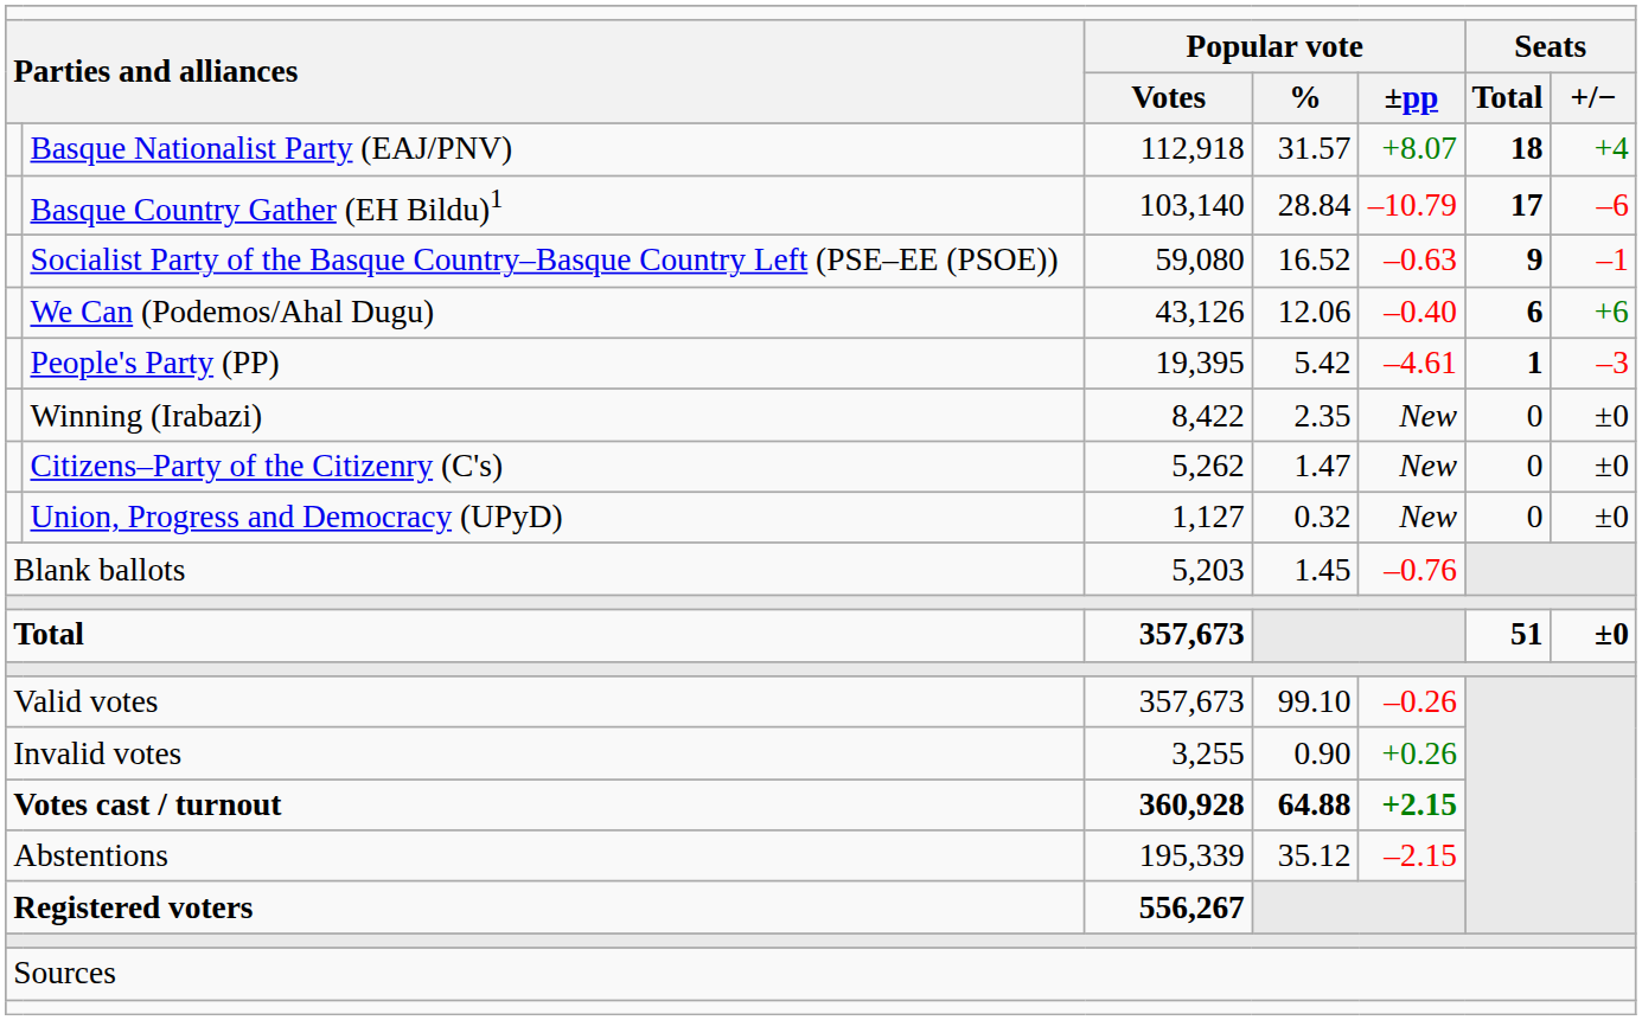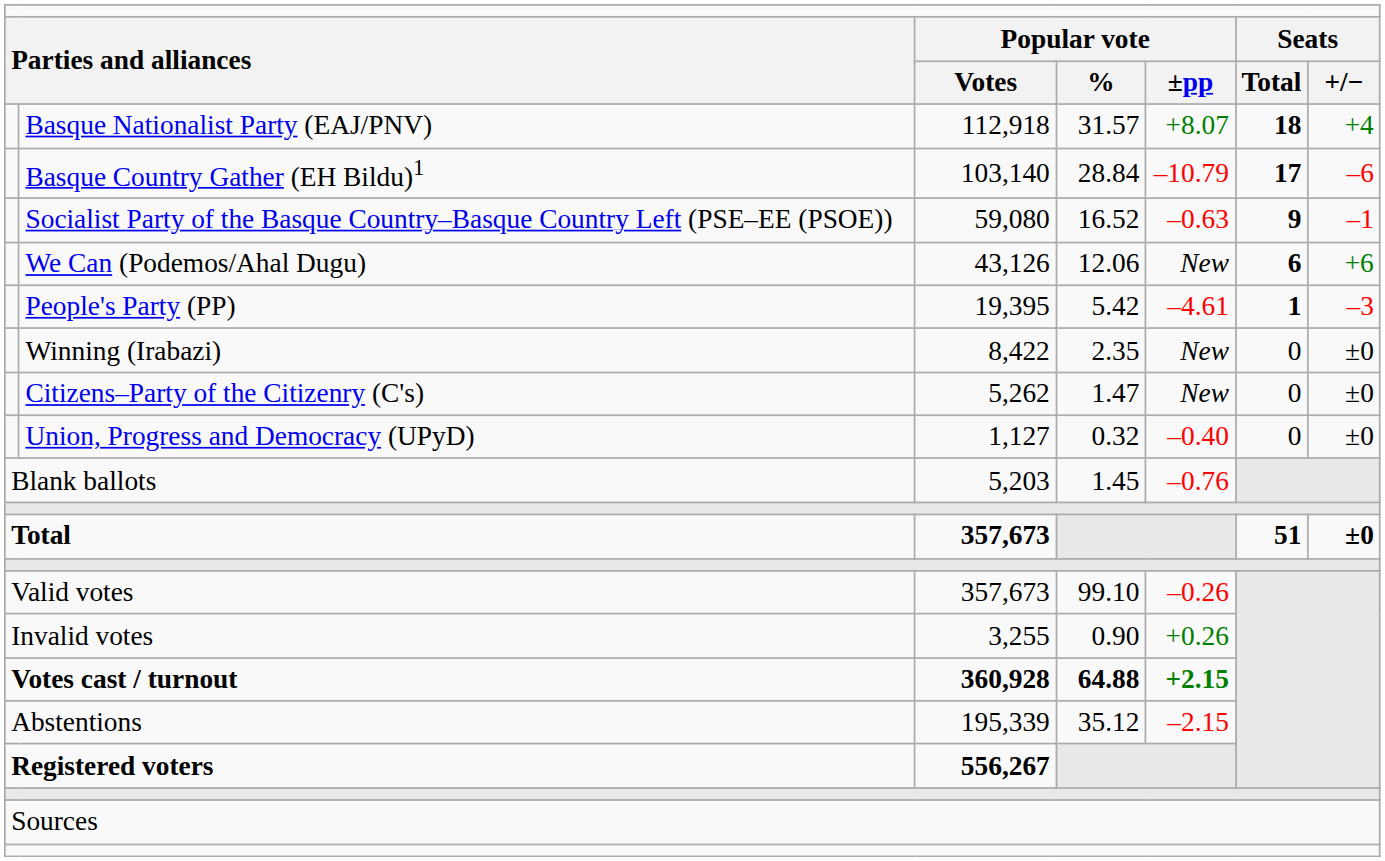 <table class="wikitable" style="text-align:right;">
 <tr>
 <td colspan="7"></td>
 </tr>
 <tr>
 <th style="text-align:left;" rowspan="2" colspan="2" width="525">Parties and alliances</th>
 <th colspan="3">Popular vote</th>
 <th colspan="2">Seats</th>
 </tr>
 <tr>
 <th width="75">Votes</th>
 <th width="45">%</th>
 <th width="45">±<a href='#'>pp</a></th>
 <th width="35">Total</th>
 <th width="35">+/−</th>
 </tr>
 <tr>
 <td width="1" style="color:inherit;background:"></td>
 <td align="left"><a href='#'>Basque Nationalist Party</a> (EAJ/PNV)</td>
 <td>112,918</td>
 <td>31.57</td>
 <td style="color:green;">+8.07</td>
 <td><strong>18</strong></td>
 <td style="color:green;">+4</td>
 </tr>
 <tr>
 <td style="color:inherit;background:"></td>
 <td align="left"><a href='#'>Basque Country Gather</a> (EH Bildu)<sup>1</sup></td>
 <td>103,140</td>
 <td>28.84</td>
 <td style="color:red;">–10.79</td>
 <td><strong>17</strong></td>
 <td style="color:red;">–6</td>
 </tr>
 <tr>
 <td style="color:inherit;background:"></td>
 <td align="left"><a href='#'>Socialist Party of the Basque Country–Basque Country Left</a> (PSE–EE (PSOE))</td>
 <td>59,080</td>
 <td>16.52</td>
 <td style="color:red;">–0.63</td>
 <td><strong>9</strong></td>
 <td style="color:red;">–1</td>
 </tr>
 <tr>
 <td style="color:inherit;background:"></td>
 <td align="left"><a href='#'>We Can</a> (Podemos/Ahal Dugu)</td>
 <td>43,126</td>
 <td>12.06</td>
-<td style="color:red;">–0.40</td>
+<td><em>New</em></td>
 <td><strong>6</strong></td>
 <td style="color:green;">+6</td>
 </tr>
 <tr>
 <td style="color:inherit;background:"></td>
 <td align="left"><a href='#'>People's Party</a> (PP)</td>
 <td>19,395</td>
 <td>5.42</td>
 <td style="color:red;">–4.61</td>
 <td><strong>1</strong></td>
 <td style="color:red;">–3</td>
 </tr>
 <tr>
 <td style="color:inherit;background:"></td>
 <td align="left">Winning (Irabazi)</td>
 <td>8,422</td>
 <td>2.35</td>
 <td><em>New</em></td>
 <td>0</td>
 <td>±0</td>
 </tr>
 <tr>
 <td style="color:inherit;background:"></td>
 <td align="left"><a href='#'>Citizens–Party of the Citizenry</a> (C's)</td>
 <td>5,262</td>
 <td>1.47</td>
 <td><em>New</em></td>
 <td>0</td>
 <td>±0</td>
 </tr>
 <tr>
 <td style="color:inherit;background:"></td>
 <td align="left"><a href='#'>Union, Progress and Democracy</a> (UPyD)</td>
 <td>1,127</td>
 <td>0.32</td>
-<td><em>New</em></td>
+<td style="color:red;">–0.40</td>
 <td>0</td>
 <td>±0</td>
 </tr>
 <tr>
 <td align="left" colspan="2">Blank ballots</td>
 <td>5,203</td>
 <td>1.45</td>
 <td style="color:red;">–0.76</td>
 <td bgcolor="#E9E9E9" colspan="2"></td>
 </tr>
 <tr>
 <td colspan="7" bgcolor="#E9E9E9"></td>
 </tr>
 <tr style="font-weight:bold;">
 <td align="left" colspan="2">Total</td>
 <td>357,673</td>
 <td bgcolor="#E9E9E9" colspan="2"></td>
 <td>51</td>
 <td>±0</td>
 </tr>
 <tr>
 <td colspan="7" bgcolor="#E9E9E9"></td>
 </tr>
 <tr>
 <td align="left" colspan="2">Valid votes</td>
 <td>357,673</td>
 <td>99.10</td>
 <td style="color:red;">–0.26</td>
 <td bgcolor="#E9E9E9" colspan="2" rowspan="5"></td>
 </tr>
 <tr>
 <td align="left" colspan="2">Invalid votes</td>
 <td>3,255</td>
 <td>0.90</td>
 <td style="color:green;">+0.26</td>
 </tr>
 <tr style="font-weight:bold;">
 <td align="left" colspan="2">Votes cast / turnout</td>
 <td>360,928</td>
 <td>64.88</td>
 <td style="color:green;">+2.15</td>
 </tr>
 <tr>
 <td align="left" colspan="2">Abstentions</td>
 <td>195,339</td>
 <td>35.12</td>
 <td style="color:red;">–2.15</td>
 </tr>
 <tr style="font-weight:bold;">
 <td align="left" colspan="2">Registered voters</td>
 <td>556,267</td>
 <td bgcolor="#E9E9E9" colspan="2"></td>
 </tr>
 <tr>
 <td colspan="7" bgcolor="#E9E9E9"></td>
 </tr>
 <tr>
 <td align="left" colspan="7">Sources</td>
 </tr>
 <tr>
 <td colspan="7" style="text-align:left; max-width:790px;"></td>
 </tr>
 </table>
